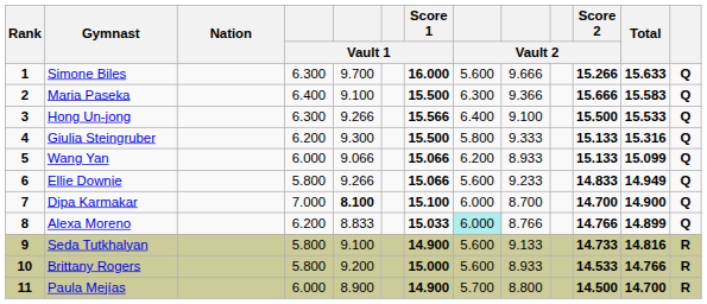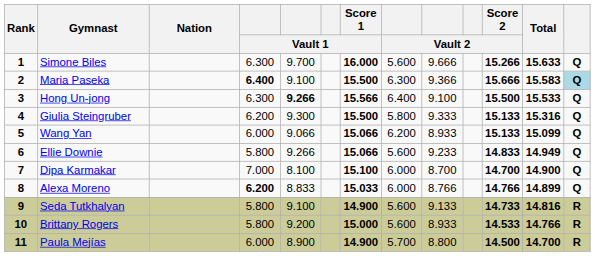 <table class="wikitable sortable" style="text-align:center; font-size:100%">
 <tr>
 <th rowspan="2" style="width:15px;">Rank</th>
 <th rowspan="2" style="width:150px;">Gymnast</th>
 <th rowspan="2" style="width:120px;">Nation</th>
 <th colspan="1" style="width:50px;"></th>
 <th colspan="1" style="width:50px;"></th>
 <th colspan="1" style="width:20px;"></th>
 <th colspan="1" style="width:50px;">Score 1</th>
 <th colspan="1" style="width:50px;"></th>
 <th colspan="1" style="width:50px;"></th>
 <th colspan="1" style="width:20px;"></th>
 <th colspan="1" style="width:50px;">Score 2</th>
 <th rowspan="2" style="width:50px;">Total</th>
 <th rowspan="2" style="width:30px;"></th>
 </tr>
 <tr>
 <th colspan="4">Vault 1</th>
 <th colspan="4">Vault 2</th>
 </tr>
 <tr>
 <td scope="row" style="text-align:center"><strong>1</strong></td>
 <td align="left"><a href='#'>Simone Biles</a></td>
 <td style="text-align:left;"></td>
 <td>6.300</td>
 <td>9.700</td>
 <td></td>
 <td><strong>16.000</strong></td>
 <td>5.600</td>
 <td>9.666</td>
 <td></td>
 <td><strong>15.266</strong></td>
 <td><strong>15.633</strong></td>
 <td><strong>Q</strong></td>
 </tr>
 <tr>
 <td scope="row" style="text-align:center"><strong>2</strong></td>
 <td align="left"><a href='#'>Maria Paseka</a></td>
 <td style="text-align:left;"></td>
-<td>6.400</td>
+<td><strong>6.400</strong></td>
 <td>9.100</td>
 <td></td>
 <td><strong>15.500</strong></td>
 <td>6.300</td>
 <td>9.366</td>
 <td></td>
 <td><strong>15.666</strong></td>
 <td><strong>15.583</strong></td>
-<td><strong>Q</strong></td>
+<td style="background: lightblue;"><strong>Q</strong></td>
 </tr>
 <tr>
 <td scope="row" style="text-align:center"><strong>3</strong></td>
 <td align="left"><a href='#'>Hong Un-jong</a></td>
 <td style="text-align:left;"></td>
 <td>6.300</td>
-<td>9.266</td>
+<td><strong>9.266</strong></td>
 <td></td>
 <td><strong>15.566</strong></td>
 <td>6.400</td>
 <td>9.100</td>
 <td></td>
 <td><strong>15.500</strong></td>
 <td><strong>15.533</strong></td>
 <td><strong>Q</strong></td>
 </tr>
 <tr>
 <td scope="row" style="text-align:center"><strong>4</strong></td>
 <td align="left"><a href='#'>Giulia Steingruber</a></td>
 <td style="text-align:left;"></td>
 <td>6.200</td>
 <td>9.300</td>
 <td></td>
 <td><strong>15.500</strong></td>
 <td>5.800</td>
 <td>9.333</td>
 <td></td>
 <td><strong>15.133</strong></td>
 <td><strong>15.316</strong></td>
 <td><strong>Q</strong></td>
 </tr>
 <tr>
 <td scope="row" style="text-align:center"><strong>5</strong></td>
 <td align="left"><a href='#'>Wang Yan</a></td>
 <td style="text-align:left;"></td>
 <td>6.000</td>
 <td>9.066</td>
 <td></td>
 <td><strong>15.066</strong></td>
 <td>6.200</td>
 <td>8.933</td>
 <td></td>
 <td><strong>15.133</strong></td>
 <td><strong>15.099</strong></td>
 <td><strong>Q</strong></td>
 </tr>
 <tr>
 <td scope="row" style="text-align:center"><strong>6</strong></td>
 <td align="left"><a href='#'>Ellie Downie</a></td>
 <td style="text-align:left;"></td>
 <td>5.800</td>
 <td>9.266</td>
 <td></td>
 <td><strong>15.066</strong></td>
 <td>5.600</td>
 <td>9.233</td>
 <td></td>
 <td><strong>14.833</strong></td>
 <td><strong>14.949</strong></td>
 <td><strong>Q</strong></td>
 </tr>
 <tr>
 <td scope="row" style="text-align:center"><strong>7</strong></td>
 <td align="left"><a href='#'>Dipa Karmakar</a></td>
 <td style="text-align:left;"></td>
 <td>7.000</td>
-<td><strong>8.100</strong></td>
+<td>8.100</td>
 <td></td>
 <td><strong>15.100</strong></td>
 <td>6.000</td>
 <td>8.700</td>
 <td></td>
 <td><strong>14.700</strong></td>
 <td><strong>14.900</strong></td>
 <td><strong>Q</strong></td>
 </tr>
 <tr>
 <td scope="row" style="text-align:center"><strong>8</strong></td>
 <td align="left"><a href='#'>Alexa Moreno</a></td>
 <td style="text-align:left;"></td>
-<td>6.200</td>
+<td><strong>6.200</strong></td>
 <td>8.833</td>
 <td></td>
 <td><strong>15.033</strong></td>
-<td style="background: paleturquoise;">6.000</td>
+<td>6.000</td>
 <td>8.766</td>
 <td></td>
 <td><strong>14.766</strong></td>
 <td><strong>14.899</strong></td>
 <td><strong>Q</strong></td>
 </tr>
 <tr style="background:#cccc99;">
 <td scope="row" style="text-align:center"><strong>9</strong></td>
 <td align="left"><a href='#'>Seda Tutkhalyan</a></td>
 <td style="text-align:left;"></td>
 <td>5.800</td>
 <td>9.100</td>
 <td></td>
 <td><strong>14.900</strong></td>
 <td>5.600</td>
 <td>9.133</td>
 <td></td>
 <td><strong>14.733</strong></td>
 <td><strong>14.816</strong></td>
 <td><strong>R</strong></td>
 </tr>
 <tr style="background:#cccc99;">
 <td scope="row" style="text-align:center"><strong>10</strong></td>
 <td align="left"><a href='#'>Brittany Rogers</a></td>
 <td style="text-align:left;"></td>
 <td>5.800</td>
 <td>9.200</td>
 <td></td>
 <td><strong>15.000</strong></td>
 <td>5.600</td>
 <td>8.933</td>
 <td></td>
 <td><strong>14.533</strong></td>
 <td><strong>14.766</strong></td>
 <td><strong>R</strong></td>
 </tr>
 <tr style="background:#cccc99;">
 <td scope="row" style="text-align:center"><strong>11</strong></td>
 <td align="left"><a href='#'>Paula Mejías</a></td>
 <td style="text-align:left;"></td>
 <td>6.000</td>
 <td>8.900</td>
 <td></td>
 <td><strong>14.900</strong></td>
 <td>5.700</td>
 <td>8.800</td>
 <td></td>
 <td><strong>14.500</strong></td>
 <td><strong>14.700</strong></td>
 <td><strong>R</strong></td>
 </tr>
 </table>
